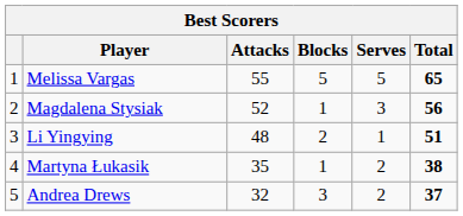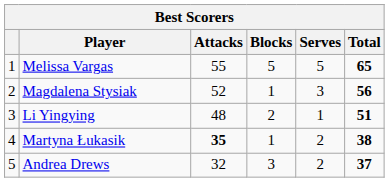 <table class="wikitable sortable" style=font-size:90%>
 <tr>
 <th colspan=6>Best Scorers</th>
 </tr>
 <tr>
 <th></th>
 <th width=158>Player</th>
 <th width=20>Attacks</th>
 <th width=20>Blocks</th>
 <th width=20>Serves</th>
 <th width=20>Total</th>
 </tr>
 <tr>
 <td>1</td>
 <td> <a href='#'>Melissa Vargas</a></td>
 <td align=center>55</td>
 <td align=center>5</td>
 <td align=center>5</td>
 <td align=center><strong>65</strong></td>
 </tr>
 <tr>
 <td>2</td>
 <td> <a href='#'>Magdalena Stysiak</a></td>
 <td align=center>52</td>
 <td align=center>1</td>
 <td align=center>3</td>
 <td align=center><strong>56</strong></td>
 </tr>
 <tr>
 <td>3</td>
 <td> <a href='#'>Li Yingying</a></td>
 <td align=center>48</td>
 <td align=center>2</td>
 <td align=center>1</td>
 <td align=center><strong>51</strong></td>
 </tr>
 <tr>
 <td>4</td>
 <td> <a href='#'>Martyna Łukasik</a></td>
-<td align=center>35</td>
+<td align=center><strong>35</strong></td>
 <td align=center>1</td>
 <td align=center>2</td>
 <td align=center><strong>38</strong></td>
 </tr>
 <tr>
 <td>5</td>
 <td> <a href='#'>Andrea Drews</a></td>
 <td align=center>32</td>
 <td align=center>3</td>
 <td align=center>2</td>
 <td align=center><strong>37</strong></td>
 </tr>
 </table>
